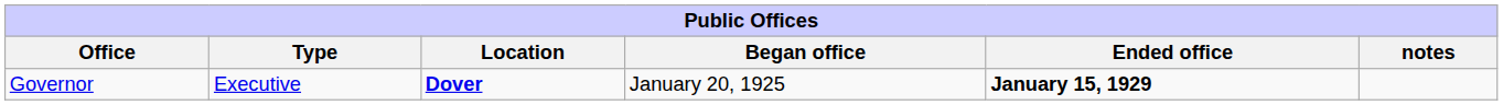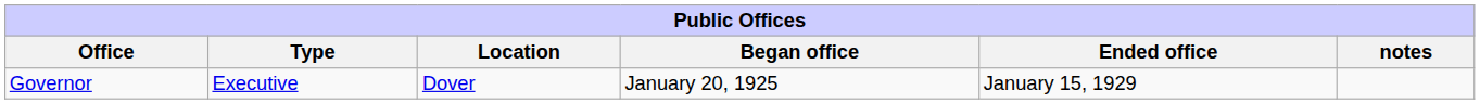 <table class=wikitable style="width: 94%" style="text-align: center;" align="center">
 <tr bgcolor=#cccccc>
 <th colspan=7 style="background: #ccccff;">Public Offices</th>
 </tr>
 <tr>
 <th><strong>Office</strong></th>
 <th><strong>Type</strong></th>
 <th><strong>Location</strong></th>
 <th><strong>Began office</strong></th>
 <th><strong>Ended office</strong></th>
 <th><strong>notes</strong></th>
 </tr>
 <tr>
 <td><a href='#'>Governor</a></td>
 <td><a href='#'>Executive</a></td>
-<td><strong><a href='#'>Dover</a></strong></td>
+<td><a href='#'>Dover</a></td>
 <td>January 20, 1925</td>
-<td><strong>January 15, 1929</strong></td>
+<td>January 15, 1929</td>
 <td></td>
 </tr>
 </table>
